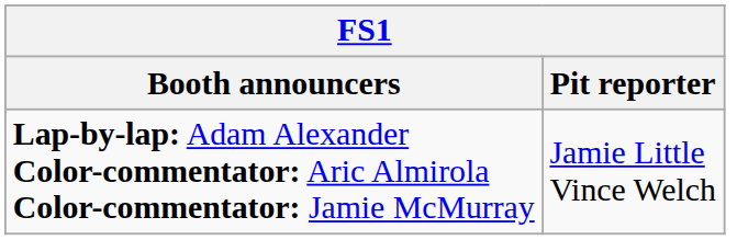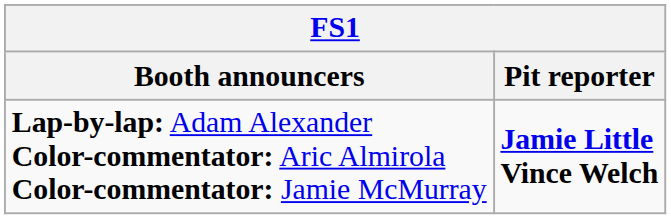 <table class="wikitable">
 <tr>
 <th colspan="2"><a href='#'>FS1</a></th>
 </tr>
 <tr>
 <th>Booth announcers</th>
 <th>Pit reporter</th>
 </tr>
 <tr>
 <td><strong>Lap-by-lap:</strong> <a href='#'>Adam Alexander</a><br><strong>Color-commentator:</strong> <a href='#'>Aric Almirola</a><br><strong>Color-commentator:</strong> <a href='#'>Jamie McMurray</a></td>
-<td><a href='#'>Jamie Little</a><br>Vince Welch</td>
+<td><strong><a href='#'>Jamie Little</a><br>Vince Welch</strong></td>
 </tr>
 </table>
